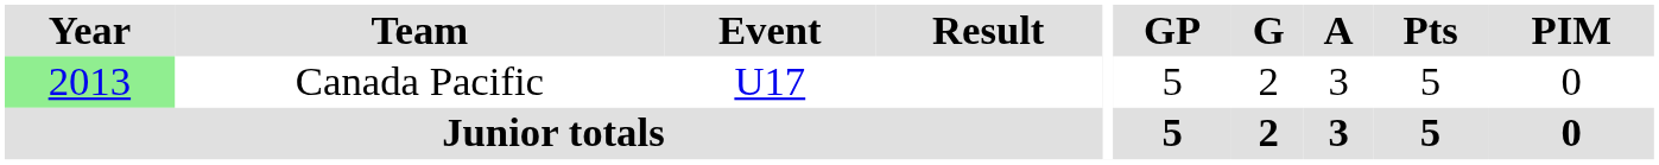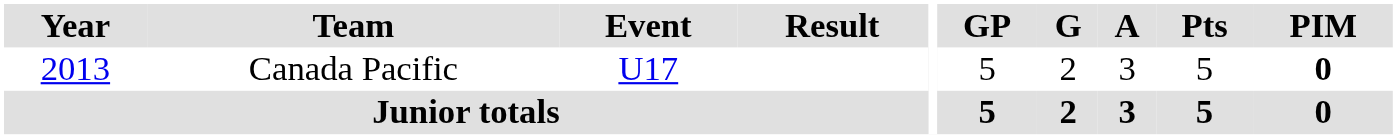 <table border="0" cellpadding="1" cellspacing="0" ID="Table3" style="text-align:center; width:40em">
 <tr ALIGN="center" bgcolor="#e0e0e0">
 <th>Year</th>
 <th>Team</th>
 <th>Event</th>
 <th>Result</th>
 <th rowspan="99" bgcolor="#ffffff"></th>
 <th>GP</th>
 <th>G</th>
 <th>A</th>
 <th>Pts</th>
 <th>PIM</th>
 </tr>
 <tr>
-<td style="background: lightgreen;"><a href='#'>2013</a></td>
+<td><a href='#'>2013</a></td>
 <td>Canada Pacific</td>
 <td><a href='#'>U17</a></td>
 <td></td>
 <td>5</td>
 <td>2</td>
 <td>3</td>
 <td>5</td>
-<td>0</td>
+<td><strong>0</strong></td>
 </tr>
 <tr bgcolor="#e0e0e0">
 <th colspan="4">Junior totals</th>
 <th>5</th>
 <th>2</th>
 <th>3</th>
 <th>5</th>
 <th>0</th>
 </tr>
 </table>
